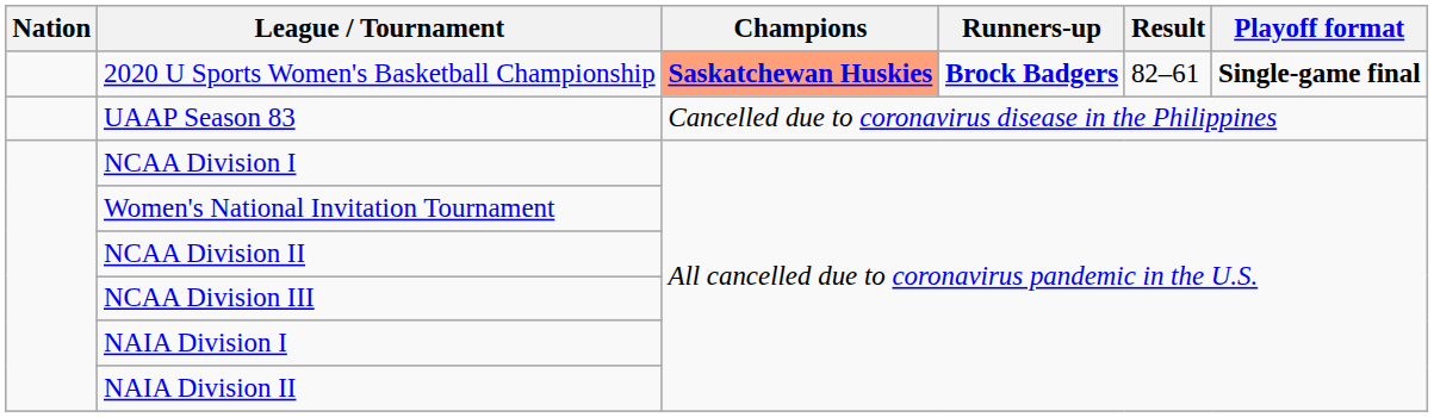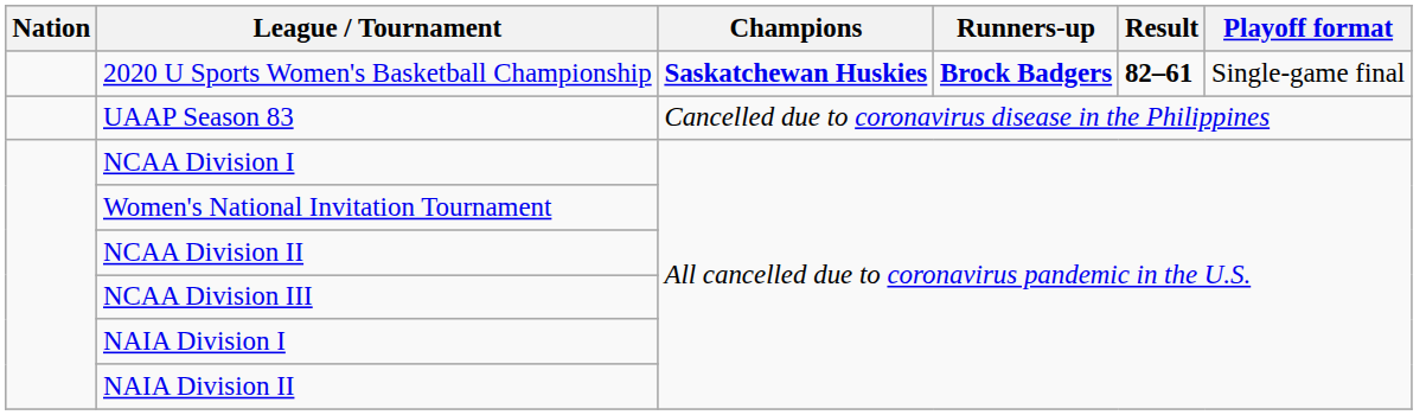 <table class="wikitable" style="font-size:90%;">
 <tr>
 <th>Nation</th>
 <th>League / Tournament</th>
 <th>Champions</th>
 <th>Runners-up</th>
 <th>Result</th>
 <th><a href='#'>Playoff format</a></th>
 </tr>
 <tr>
 <td></td>
 <td><a href='#'>2020 U Sports Women's Basketball Championship</a></td>
-<td style="background: lightsalmon;"><strong><a href='#'>Saskatchewan Huskies</a></strong></td>
+<td><strong><a href='#'>Saskatchewan Huskies</a></strong></td>
 <td><strong><a href='#'>Brock Badgers</a></strong></td>
-<td>82–61</td>
-<td><strong>Single-game final</strong></td>
+<td><strong>82–61</strong></td>
+<td>Single-game final</td>
 </tr>
 <tr>
 <td></td>
 <td><a href='#'>UAAP Season 83</a></td>
 <td colspan="4"><em>Cancelled due to <a href='#'>coronavirus disease in the Philippines</a></em></td>
 </tr>
 <tr>
 <td rowspan="6"></td>
 <td><a href='#'>NCAA Division I</a></td>
 <td colspan="4" rowspan="6"><em>All cancelled due to <a href='#'>coronavirus pandemic in the U.S.</a></em></td>
 </tr>
 <tr>
 <td><a href='#'>Women's National Invitation Tournament</a></td>
 </tr>
 <tr>
 <td><a href='#'>NCAA Division II</a></td>
 </tr>
 <tr>
 <td><a href='#'>NCAA Division III</a></td>
 </tr>
 <tr>
 <td><a href='#'>NAIA Division I</a></td>
 </tr>
 <tr>
 <td><a href='#'>NAIA Division II</a></td>
 </tr>
 </table>
